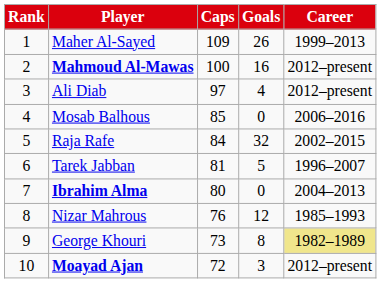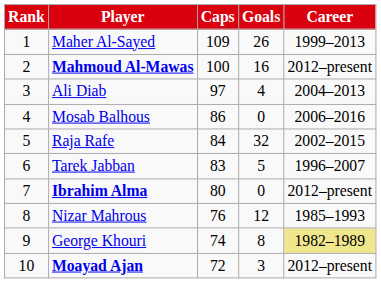 <table class="wikitable sortable" style="text-align:center">
 <tr>
 <th style="width=30; background:#db000d; color: #FFFFFF;">Rank</th>
 <th style="width=180; background:#db000d; color: #FFFFFF;">Player</th>
 <th style="width=50; background:#db000d; color: #FFFFFF;">Caps</th>
 <th style="width=50; background:#db000d; color: #FFFFFF;">Goals</th>
 <th style="width=100; background:#db000d; color: #FFFFFF;">Career</th>
 </tr>
 <tr>
 <td>1</td>
 <td style="text-align:left"><a href='#'>Maher Al-Sayed</a></td>
 <td>109</td>
 <td>26</td>
 <td>1999–2013</td>
 </tr>
 <tr>
 <td>2</td>
 <td style="text-align:left"><strong><a href='#'>Mahmoud Al-Mawas</a></strong></td>
 <td>100</td>
 <td>16</td>
 <td>2012–present</td>
 </tr>
 <tr>
 <td>3</td>
 <td style="text-align:left"><a href='#'>Ali Diab</a></td>
 <td>97</td>
 <td>4</td>
-<td>2012–present</td>
+<td>2004–2013</td>
 </tr>
 <tr>
 <td>4</td>
 <td style="text-align:left"><a href='#'>Mosab Balhous</a></td>
-<td>85</td>
+<td>86</td>
 <td>0</td>
 <td>2006–2016</td>
 </tr>
 <tr>
 <td>5</td>
 <td style="text-align:left"><a href='#'>Raja Rafe</a></td>
 <td>84</td>
 <td>32</td>
 <td>2002–2015</td>
 </tr>
 <tr>
 <td>6</td>
 <td style="text-align:left"><a href='#'>Tarek Jabban</a></td>
-<td>81</td>
+<td>83</td>
 <td>5</td>
 <td>1996–2007</td>
 </tr>
 <tr>
 <td>7</td>
 <td style="text-align:left"><strong><a href='#'>Ibrahim Alma</a></strong></td>
 <td>80</td>
 <td>0</td>
-<td>2004–2013</td>
+<td>2012–present</td>
 </tr>
 <tr>
 <td>8</td>
 <td style="text-align:left"><a href='#'>Nizar Mahrous</a></td>
 <td>76</td>
 <td>12</td>
 <td>1985–1993</td>
 </tr>
 <tr>
 <td>9</td>
 <td style="text-align:left"><a href='#'>George Khouri</a></td>
-<td>73</td>
+<td>74</td>
 <td>8</td>
 <td style="background: khaki;">1982–1989</td>
 </tr>
 <tr>
 <td>10</td>
 <td style="text-align:left"><strong><a href='#'>Moayad Ajan</a></strong></td>
 <td>72</td>
 <td>3</td>
 <td>2012–present</td>
 </tr>
 </table>
